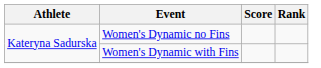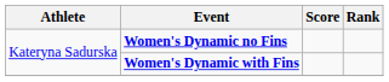 <table class=wikitable style=font-size:90%;text-align:center>
 <tr>
 <th>Athlete</th>
 <th>Event</th>
 <th>Score</th>
 <th>Rank</th>
 </tr>
 <tr>
 <td rowspan="2" align="left"><a href='#'>Kateryna Sadurska</a></td>
-<td align=left><a href='#'>Women's Dynamic no Fins</a></td>
+<td align=left><strong><a href='#'>Women's Dynamic no Fins</a></strong></td>
 <td></td>
 <td></td>
 </tr>
 <tr>
-<td align=left><a href='#'>Women's Dynamic with Fins</a></td>
+<td align=left><strong><a href='#'>Women's Dynamic with Fins</a></strong></td>
 <td></td>
 <td></td>
 </tr>
 <tr>
 </tr>
 </table>
